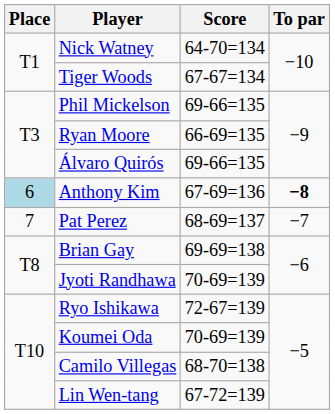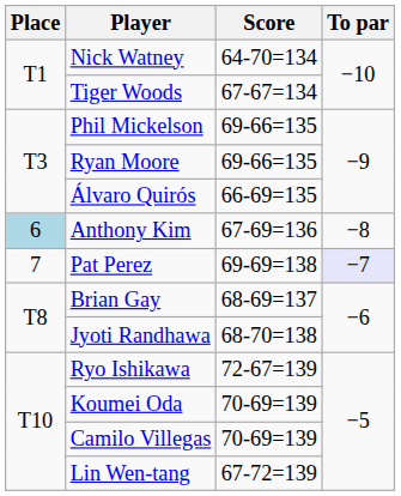 <table class="wikitable">
 <tr>
 <th>Place</th>
 <th>Player</th>
 <th>Score</th>
 <th>To par</th>
 </tr>
 <tr>
 <td rowspan="2" align=center>T1</td>
 <td> <a href='#'>Nick Watney</a></td>
 <td align=center>64-70=134</td>
 <td rowspan="2" align=center>−10</td>
 </tr>
 <tr>
 <td> <a href='#'>Tiger Woods</a></td>
 <td align=center>67-67=134</td>
 </tr>
 <tr>
 <td rowspan="3" align=center>T3</td>
 <td> <a href='#'>Phil Mickelson</a></td>
 <td align=center>69-66=135</td>
 <td rowspan="3" align=center>−9</td>
 </tr>
 <tr>
 <td> <a href='#'>Ryan Moore</a></td>
-<td align=center>66-69=135</td>
+<td align=center>69-66=135</td>
 </tr>
 <tr>
 <td> <a href='#'>Álvaro Quirós</a></td>
-<td align=center>69-66=135</td>
+<td align=center>66-69=135</td>
 </tr>
 <tr>
 <td align=center style="background: lightblue;">6</td>
 <td> <a href='#'>Anthony Kim</a></td>
 <td align=center>67-69=136</td>
-<td align=center><strong>−8</strong></td>
+<td align=center>−8</td>
 </tr>
 <tr>
 <td align=center>7</td>
 <td> <a href='#'>Pat Perez</a></td>
-<td align=center>68-69=137</td>
-<td align=center>−7</td>
+<td align=center>69-69=138</td>
+<td align=center style="background: lavender;">−7</td>
 </tr>
 <tr>
 <td rowspan="2" align=center>T8</td>
 <td> <a href='#'>Brian Gay</a></td>
-<td align=center>69-69=138</td>
+<td align=center>68-69=137</td>
 <td rowspan="2" align=center>−6</td>
 </tr>
 <tr>
 <td> <a href='#'>Jyoti Randhawa</a></td>
-<td align=center>70-69=139</td>
+<td align=center>68-70=138</td>
 </tr>
 <tr>
 <td rowspan="4" align=center>T10</td>
 <td> <a href='#'>Ryo Ishikawa</a></td>
 <td align=center>72-67=139</td>
 <td rowspan="4" align=center>−5</td>
 </tr>
 <tr>
 <td> <a href='#'>Koumei Oda</a></td>
 <td align=center>70-69=139</td>
 </tr>
 <tr>
 <td> <a href='#'>Camilo Villegas</a></td>
-<td align=center>68-70=138</td>
+<td align=center>70-69=139</td>
 </tr>
 <tr>
 <td> <a href='#'>Lin Wen-tang</a></td>
 <td align=center>67-72=139</td>
 </tr>
 </table>
